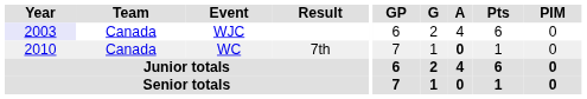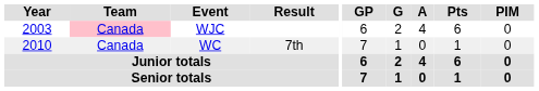 <table border="0" cellpadding="1" cellspacing="0" ID="Table3" style="text-align:center; width:40em">
 <tr ALIGN="center" bgcolor="#e0e0e0">
 <th>Year</th>
 <th>Team</th>
 <th>Event</th>
 <th>Result</th>
 <th rowspan="99" bgcolor="#ffffff"></th>
 <th>GP</th>
 <th>G</th>
 <th>A</th>
 <th>Pts</th>
 <th>PIM</th>
 </tr>
 <tr>
-<td style="background: lavender;"><a href='#'>2003</a></td>
-<td><a href='#'>Canada</a></td>
+<td><a href='#'>2003</a></td>
+<td style="background: pink;"><a href='#'>Canada</a></td>
 <td><a href='#'>WJC</a></td>
 <td></td>
 <td>6</td>
 <td>2</td>
 <td>4</td>
 <td>6</td>
 <td>0</td>
 </tr>
 <tr bgcolor="#f0f0f0">
 <td><a href='#'>2010</a></td>
 <td><a href='#'>Canada</a></td>
 <td><a href='#'>WC</a></td>
 <td>7th</td>
 <td>7</td>
 <td>1</td>
-<td><strong>0</strong></td>
+<td>0</td>
 <td>1</td>
 <td>0</td>
 </tr>
 <tr bgcolor="#e0e0e0">
 <th colspan="4">Junior totals</th>
 <th>6</th>
 <th>2</th>
 <th>4</th>
 <th>6</th>
 <th>0</th>
 </tr>
 <tr bgcolor="#e0e0e0">
 <th colspan="4">Senior totals</th>
 <th>7</th>
 <th>1</th>
 <th>0</th>
 <th>1</th>
 <th>0</th>
 </tr>
 </table>
